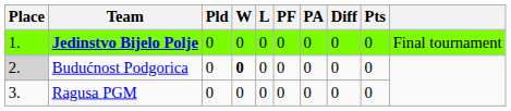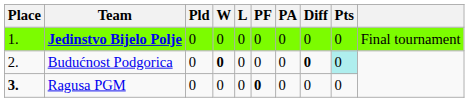 <table class="wikitable">
 <tr>
 <th>Place</th>
 <th>Team</th>
 <th>Pld</th>
 <th>W</th>
 <th>L</th>
 <th>PF</th>
 <th>PA</th>
 <th>Diff</th>
 <th>Pts</th>
 <th></th>
 </tr>
 <tr bgcolor="lawngreen">
 <td>1.</td>
 <td> <strong><a href='#'>Jedinstvo Bijelo Polje</a></strong></td>
 <td>0</td>
 <td>0</td>
 <td>0</td>
 <td>0</td>
 <td>0</td>
 <td>0</td>
 <td>0</td>
 <td rowspan="1">Final tournament</td>
 </tr>
 <tr>
-<td style="background: lightgrey;">2.</td>
+<td>2.</td>
 <td> <a href='#'>Budućnost Podgorica</a></td>
 <td>0</td>
 <td><strong>0</strong></td>
 <td>0</td>
 <td>0</td>
 <td>0</td>
-<td>0</td>
-<td>0</td>
+<td><strong>0</strong></td>
+<td style="background: paleturquoise;">0</td>
 <td rowspan="2"></td>
 </tr>
 <tr>
-<td>3.</td>
+<td><strong>3.</strong></td>
 <td> <a href='#'>Ragusa PGM</a></td>
 <td>0</td>
 <td>0</td>
 <td>0</td>
-<td>0</td>
+<td><strong>0</strong></td>
 <td>0</td>
 <td>0</td>
 <td>0</td>
 </tr>
 </table>
